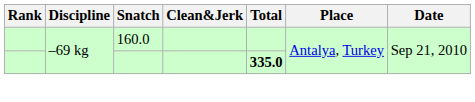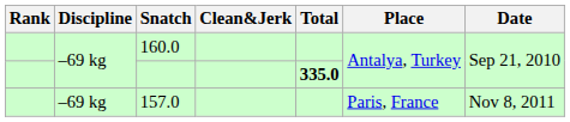 <table class="wikitable">
 <tr>
 <th>Rank</th>
 <th>Discipline</th>
 <th>Snatch</th>
 <th>Clean&Jerk</th>
 <th>Total</th>
 <th>Place</th>
 <th>Date</th>
 </tr>
 <tr bgcolor=#CCFFCC>
 <td></td>
 <td rowspan=2>–69 kg</td>
 <td>160.0</td>
 <td></td>
 <td></td>
 <td rowspan=2><a href='#'>Antalya</a>, <a href='#'>Turkey</a></td>
 <td rowspan=2>Sep 21, 2010</td>
 </tr>
 <tr bgcolor=#CCFFCC>
 <td><strong></strong></td>
 <td></td>
 <td></td>
 <td><strong>335.0</strong></td>
 </tr>
+<tr bgcolor=#CCFFCC>
+<td></td>
+<td>–69 kg</td>
+<td>157.0</td>
+<td></td>
+<td></td>
+<td><a href='#'>Paris</a>, <a href='#'>France</a></td>
+<td>Nov 8, 2011</td>
+</tr>
 </table>
